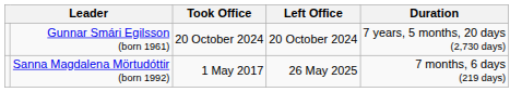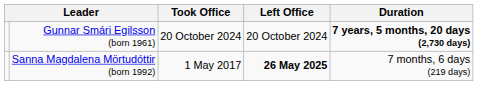 <table class=wikitable style=text-align:right>
 <tr>
 <th colspan="2">Leader</th>
 <th>Took Office</th>
 <th>Left Office</th>
 <th>Duration</th>
 </tr>
 <tr>
 <td></td>
 <td><a href='#'>Gunnar Smári Egilsson</a><br><small>(born 1961)</small></td>
 <td>20 October 2024</td>
 <td>20 October 2024</td>
-<td>7 years, 5 months, 20 days<br><small>(2,730 days)</small></td>
+<td><strong>7 years, 5 months, 20 days<br><small>(2,730 days)</small></strong></td>
 </tr>
 <tr>
 <td></td>
 <td><a href='#'>Sanna Magdalena Mörtudóttir</a><br><small>(born 1992)</small></td>
 <td>1 May 2017</td>
-<td>26 May 2025</td>
+<td><strong>26 May 2025</strong></td>
 <td>7 months, 6 days<br><small>(219 days)</small></td>
 </tr>
 </table>
